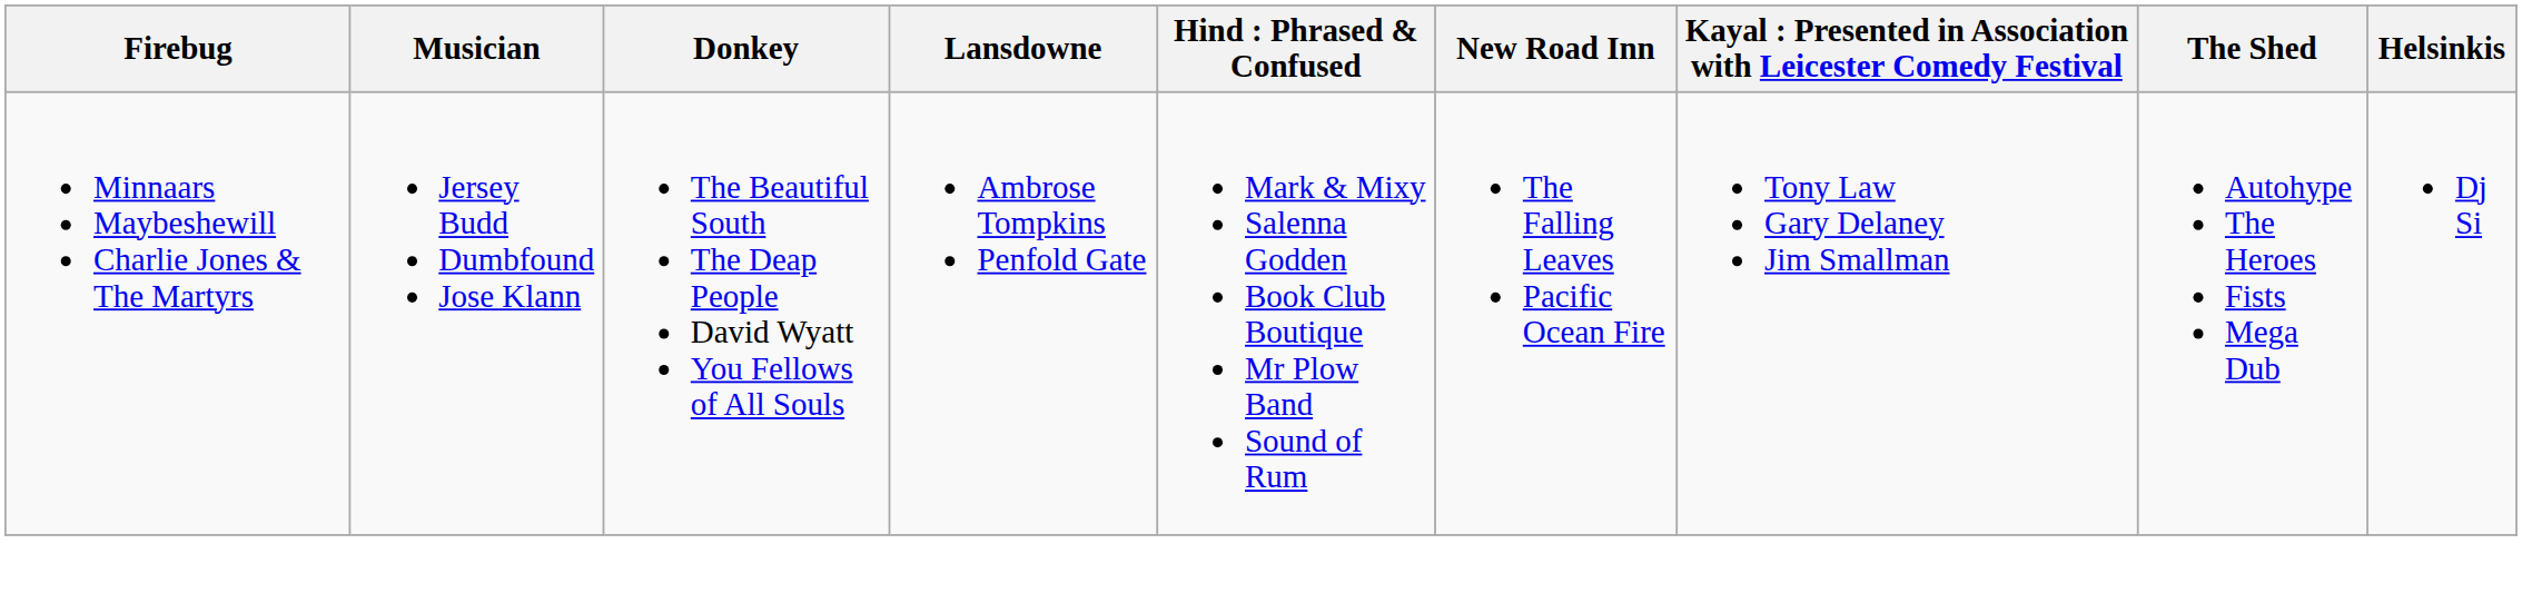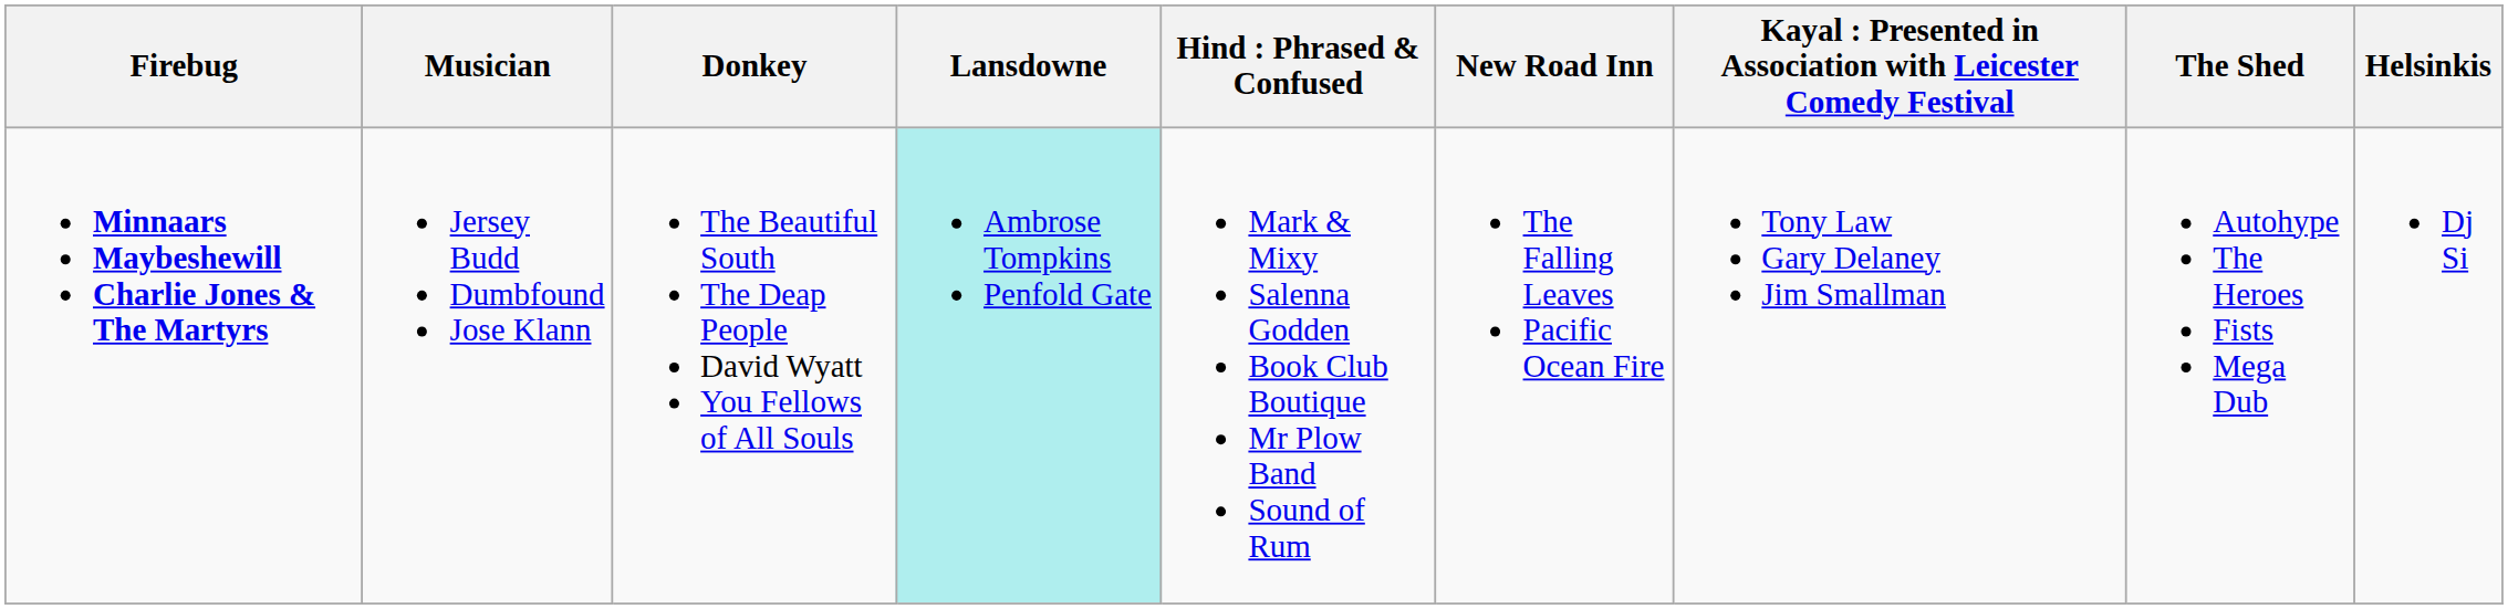 <table class="wikitable">
 <tr>
 <th>Firebug</th>
 <th>Musician</th>
 <th>Donkey</th>
 <th>Lansdowne</th>
 <th>Hind : Phrased & Confused</th>
 <th>New Road Inn</th>
 <th>Kayal : Presented in Association with <a href='#'>Leicester Comedy Festival</a></th>
 <th>The Shed</th>
 <th>Helsinkis</th>
 </tr>
 <tr>
-<td valign=top><br><ul><li><a href='#'>Minnaars</a></li><li><a href='#'>Maybeshewill</a></li><li><a href='#'>Charlie Jones & The Martyrs</a></li></ul></td>
+<td valign=top><strong><br><ul><li><a href='#'>Minnaars</a></li><li><a href='#'>Maybeshewill</a></li><li><a href='#'>Charlie Jones & The Martyrs</a></li></ul></strong></td>
 <td valign=top><br><ul><li><a href='#'>Jersey Budd</a></li><li><a href='#'>Dumbfound</a></li><li><a href='#'>Jose Klann</a></li></ul></td>
 <td valign=top><br><ul><li><a href='#'>The Beautiful South</a></li><li><a href='#'>The Deap People</a></li><li>David Wyatt</li><li><a href='#'>You Fellows of All Souls</a></li></ul></td>
-<td valign=top><br><ul><li><a href='#'>Ambrose Tompkins</a></li><li><a href='#'>Penfold Gate</a></li></ul></td>
+<td valign=top style="background: paleturquoise;"><br><ul><li><a href='#'>Ambrose Tompkins</a></li><li><a href='#'>Penfold Gate</a></li></ul></td>
 <td valign=top><br><ul><li><a href='#'>Mark & Mixy</a></li><li><a href='#'>Salenna Godden</a></li><li><a href='#'>Book Club Boutique</a></li><li><a href='#'>Mr Plow Band</a></li><li><a href='#'>Sound of Rum</a></li></ul></td>
 <td valign=top><br><ul><li><a href='#'>The Falling Leaves</a></li><li><a href='#'>Pacific Ocean Fire</a></li></ul></td>
 <td valign=top><br><ul><li><a href='#'>Tony Law</a></li><li><a href='#'>Gary Delaney</a></li><li><a href='#'>Jim Smallman</a></li></ul></td>
 <td valign=top><br><ul><li><a href='#'>Autohype</a></li><li><a href='#'>The Heroes</a></li><li><a href='#'>Fists</a></li><li><a href='#'>Mega Dub</a></li></ul></td>
 <td valign=top><br><ul><li><a href='#'>Dj Si</a></li></ul></td>
 </tr>
 </table>
